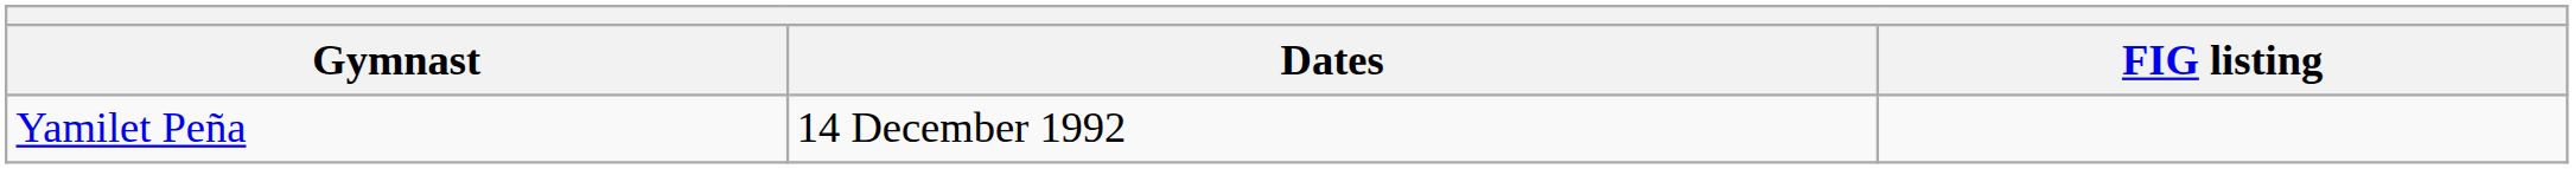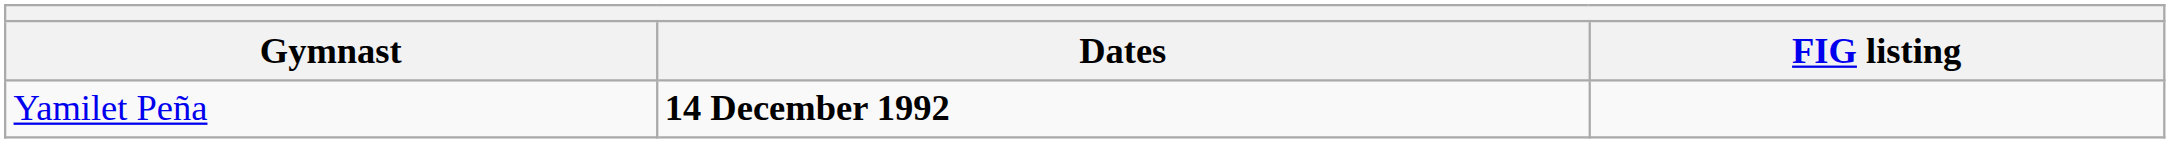 <table class="wikitable mw-collapsible mw-collapsed" width="75%">
 <tr>
 <th colspan="3"></th>
 </tr>
 <tr>
 <th>Gymnast</th>
 <th>Dates</th>
 <th><a href='#'>FIG</a> listing</th>
 </tr>
 <tr>
 <td><a href='#'>Yamilet Peña</a></td>
-<td>14 December 1992</td>
+<td><strong>14 December 1992</strong></td>
 <td></td>
 </tr>
 </table>
